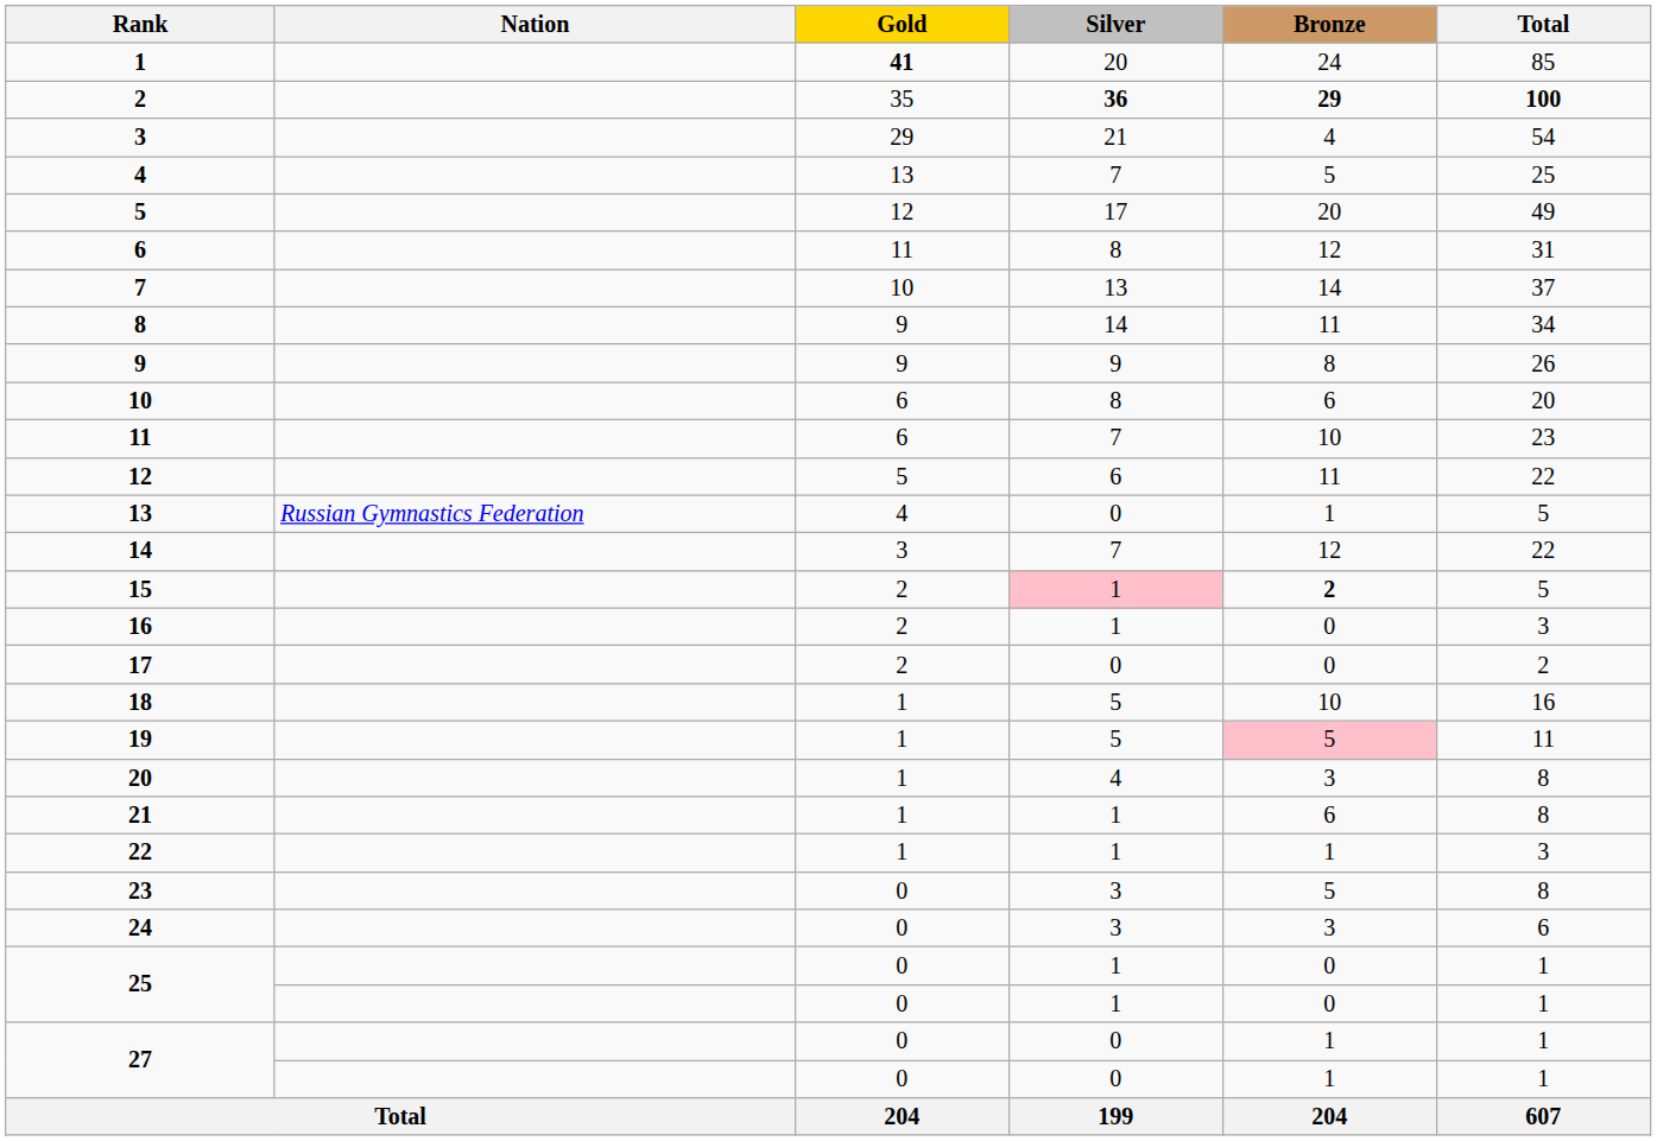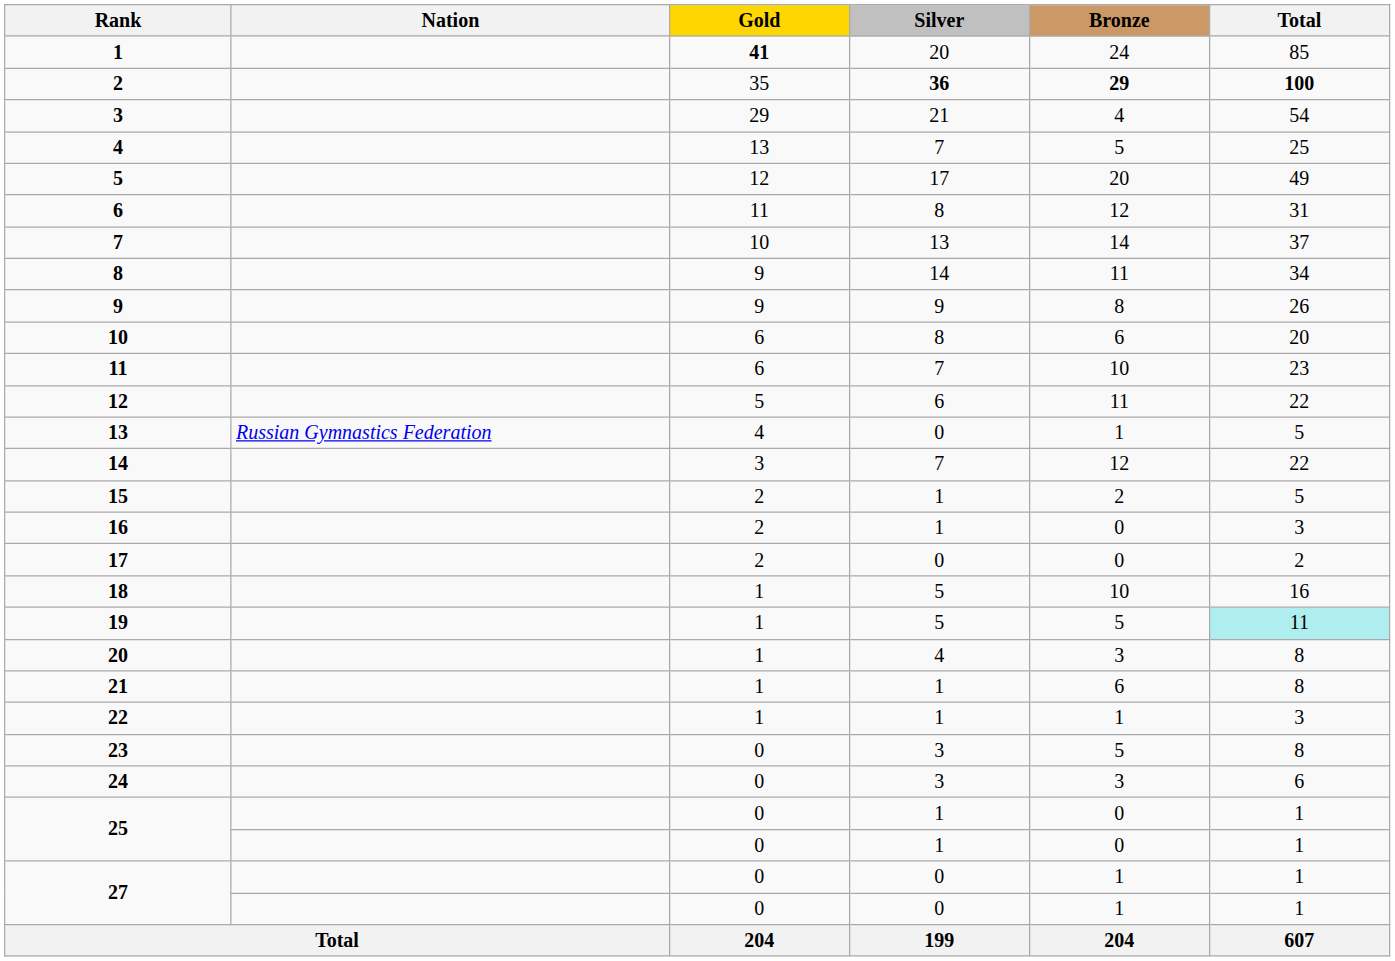 <table class="wikitable collapsible autocollapse plainrowheaders" width=70% style="text-align:center;">
 <tr style="background-color:#EDEDED;">
 <th width=100px class="hintergrundfarbe5">Rank</th>
 <th width=200px class="hintergrundfarbe6">Nation</th>
 <th style="background:    gold; width:13%">Gold</th>
 <th style="background:  silver; width:13%">Silver</th>
 <th style="background: #CC9966; width:13%">Bronze</th>
 <th class="hintergrundfarbe6" style="width:13%">Total</th>
 </tr>
 <tr>
 <td><strong>1</strong></td>
 <td align=left></td>
 <td><strong>41</strong></td>
 <td>20</td>
 <td>24</td>
 <td>85</td>
 </tr>
 <tr>
 <td><strong>2</strong></td>
 <td align=left></td>
 <td>35</td>
 <td><strong>36</strong></td>
 <td><strong>29</strong></td>
 <td><strong>100</strong></td>
 </tr>
 <tr>
 <td><strong>3</strong></td>
 <td align=left></td>
 <td>29</td>
 <td>21</td>
 <td>4</td>
 <td>54</td>
 </tr>
 <tr>
 <td><strong>4</strong></td>
 <td align=left><em></em></td>
 <td>13</td>
 <td>7</td>
 <td>5</td>
 <td>25</td>
 </tr>
 <tr>
 <td><strong>5</strong></td>
 <td align=left></td>
 <td>12</td>
 <td>17</td>
 <td>20</td>
 <td>49</td>
 </tr>
 <tr>
 <td><strong>6</strong></td>
 <td align=left></td>
 <td>11</td>
 <td>8</td>
 <td>12</td>
 <td>31</td>
 </tr>
 <tr>
 <td><strong>7</strong></td>
 <td align=left> </td>
 <td>10</td>
 <td>13</td>
 <td>14</td>
 <td>37</td>
 </tr>
 <tr>
 <td><strong>8</strong></td>
 <td align=left></td>
 <td>9</td>
 <td>14</td>
 <td>11</td>
 <td>34</td>
 </tr>
 <tr>
 <td><strong>9</strong></td>
 <td align=left></td>
 <td>9</td>
 <td>9</td>
 <td>8</td>
 <td>26</td>
 </tr>
 <tr>
 <td><strong>10</strong></td>
 <td align=left></td>
 <td>6</td>
 <td>8</td>
 <td>6</td>
 <td>20</td>
 </tr>
 <tr>
 <td><strong>11</strong></td>
 <td align=left></td>
 <td>6</td>
 <td>7</td>
 <td>10</td>
 <td>23</td>
 </tr>
 <tr>
 <td><strong>12</strong></td>
 <td align=left></td>
 <td>5</td>
 <td>6</td>
 <td>11</td>
 <td>22</td>
 </tr>
 <tr>
 <td><strong>13</strong></td>
 <td align=left><em><a href='#'>Russian Gymnastics Federation</a></em> </td>
 <td>4</td>
 <td>0</td>
 <td>1</td>
 <td>5</td>
 </tr>
 <tr>
 <td><strong>14</strong></td>
 <td align=left><em></em></td>
 <td>3</td>
 <td>7</td>
 <td>12</td>
 <td>22</td>
 </tr>
 <tr>
 <td><strong>15</strong></td>
 <td align=left></td>
 <td>2</td>
-<td style="background: pink;">1</td>
-<td><strong>2</strong></td>
+<td>1</td>
+<td>2</td>
 <td>5</td>
 </tr>
 <tr>
 <td><strong>16</strong></td>
 <td align=left></td>
 <td>2</td>
 <td>1</td>
 <td>0</td>
 <td>3</td>
 </tr>
 <tr>
 <td><strong>17</strong></td>
 <td align=left></td>
 <td>2</td>
 <td>0</td>
 <td>0</td>
 <td>2</td>
 </tr>
 <tr>
 <td><strong>18</strong></td>
 <td align=left></td>
 <td>1</td>
 <td>5</td>
 <td>10</td>
 <td>16</td>
 </tr>
 <tr>
 <td><strong>19</strong></td>
 <td align=left></td>
 <td>1</td>
 <td>5</td>
-<td style="background: pink;">5</td>
-<td>11</td>
+<td>5</td>
+<td style="background: paleturquoise;">11</td>
 </tr>
 <tr>
 <td><strong>20</strong></td>
 <td align=left></td>
 <td>1</td>
 <td>4</td>
 <td>3</td>
 <td>8</td>
 </tr>
 <tr>
 <td><strong>21</strong></td>
 <td align=left></td>
 <td>1</td>
 <td>1</td>
 <td>6</td>
 <td>8</td>
 </tr>
 <tr>
 <td><strong>22</strong></td>
 <td align=left></td>
 <td>1</td>
 <td>1</td>
 <td>1</td>
 <td>3</td>
 </tr>
 <tr>
 <td><strong>23</strong></td>
 <td align=left></td>
 <td>0</td>
 <td>3</td>
 <td>5</td>
 <td>8</td>
 </tr>
 <tr>
 <td><strong>24</strong></td>
 <td align=left></td>
 <td>0</td>
 <td>3</td>
 <td>3</td>
 <td>6</td>
 </tr>
 <tr>
 <td rowspan=2><strong>25</strong></td>
 <td align=left><em></em> </td>
 <td>0</td>
 <td>1</td>
 <td>0</td>
 <td>1</td>
 </tr>
 <tr>
 <td align=left></td>
 <td>0</td>
 <td>1</td>
 <td>0</td>
 <td>1</td>
 </tr>
 <tr>
 <td rowspan=2><strong>27</strong></td>
 <td align=left></td>
 <td>0</td>
 <td>0</td>
 <td>1</td>
 <td>1</td>
 </tr>
 <tr>
 <td align=left></td>
 <td>0</td>
 <td>0</td>
 <td>1</td>
 <td>1</td>
 </tr>
 <tr class="sortbottom">
 <th colspan=2>Total</th>
 <th>204</th>
 <th>199</th>
 <th>204</th>
 <th>607</th>
 </tr>
 </table>
